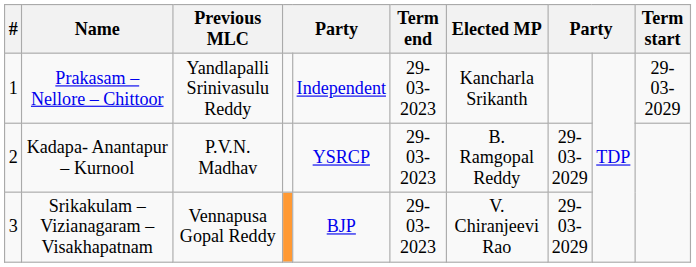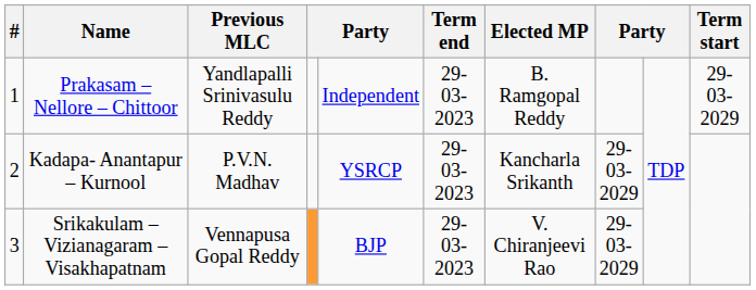 <table class="wikitable" style="text-align:center;">
 <tr>
 <th>#</th>
 <th>Name</th>
 <th>Previous MLC</th>
 <th colspan="2">Party</th>
 <th>Term end</th>
 <th>Elected MP</th>
 <th colspan="2">Party</th>
 <th>Term start</th>
 </tr>
 <tr>
 <td>1</td>
 <td><a href='#'>Prakasam – Nellore – Chittoor</a></td>
 <td>Yandlapalli Srinivasulu Reddy</td>
 <td width="1px"></td>
 <td><a href='#'>Independent</a></td>
 <td>29-03-2023</td>
-<td>Kancharla Srikanth</td>
+<td>B. Ramgopal Reddy</td>
 <td width="1px"></td>
 <td rowspan=3><a href='#'>TDP</a></td>
 <td>29-03-2029</td>
 </tr>
 <tr>
 <td>2</td>
 <td>Kadapa- Anantapur – Kurnool</td>
 <td>P.V.N. Madhav</td>
 <td width="1px"></td>
 <td><a href='#'>YSRCP</a></td>
 <td>29-03-2023</td>
-<td>B. Ramgopal Reddy</td>
+<td>Kancharla Srikanth</td>
 <td>29-03-2029</td>
 </tr>
 <tr>
 <td>3</td>
 <td>Srikakulam – Vizianagaram – Visakhapatnam</td>
 <td>Vennapusa Gopal Reddy</td>
 <td bgcolor=#FF9933></td>
 <td><a href='#'>BJP</a></td>
 <td>29-03-2023</td>
 <td>V. Chiranjeevi Rao</td>
 <td>29-03-2029</td>
 </tr>
 </table>
